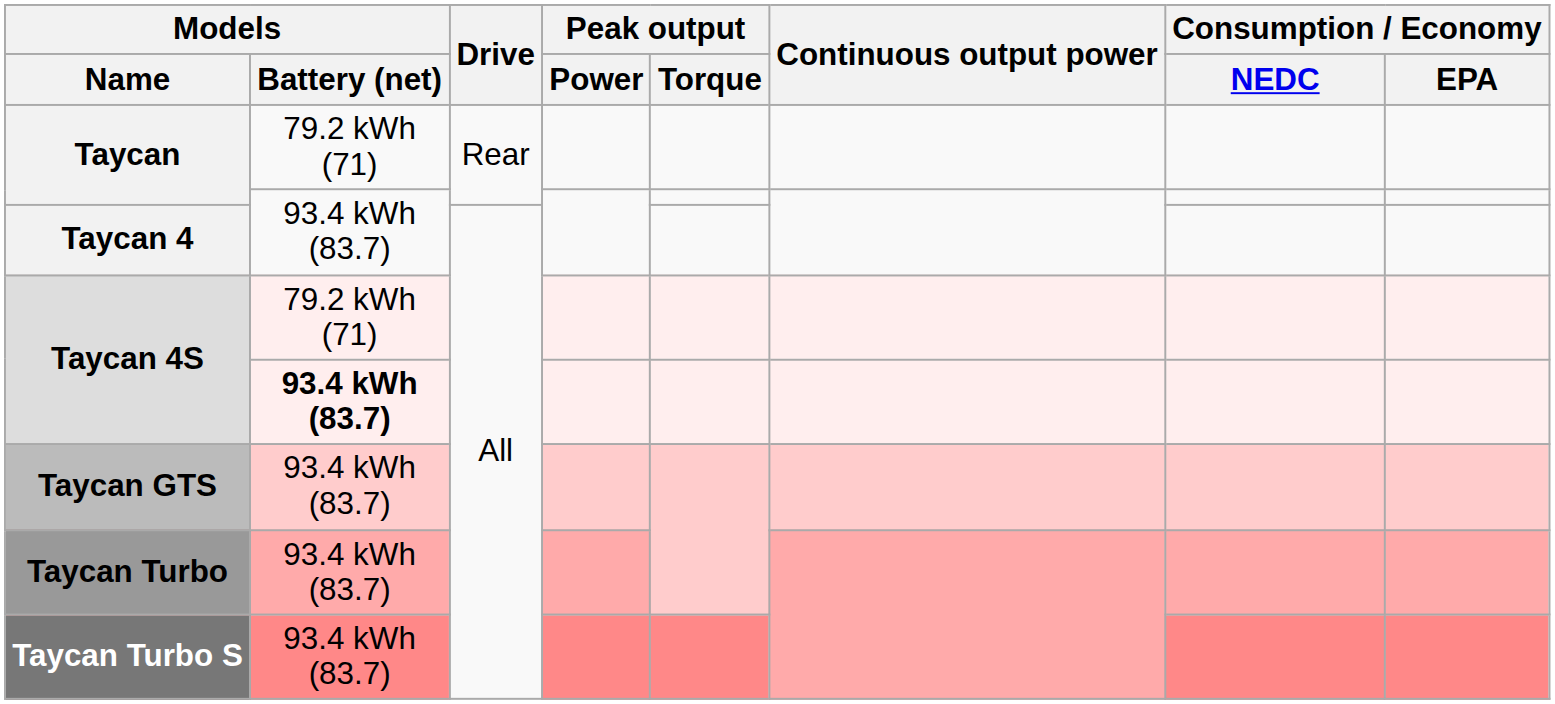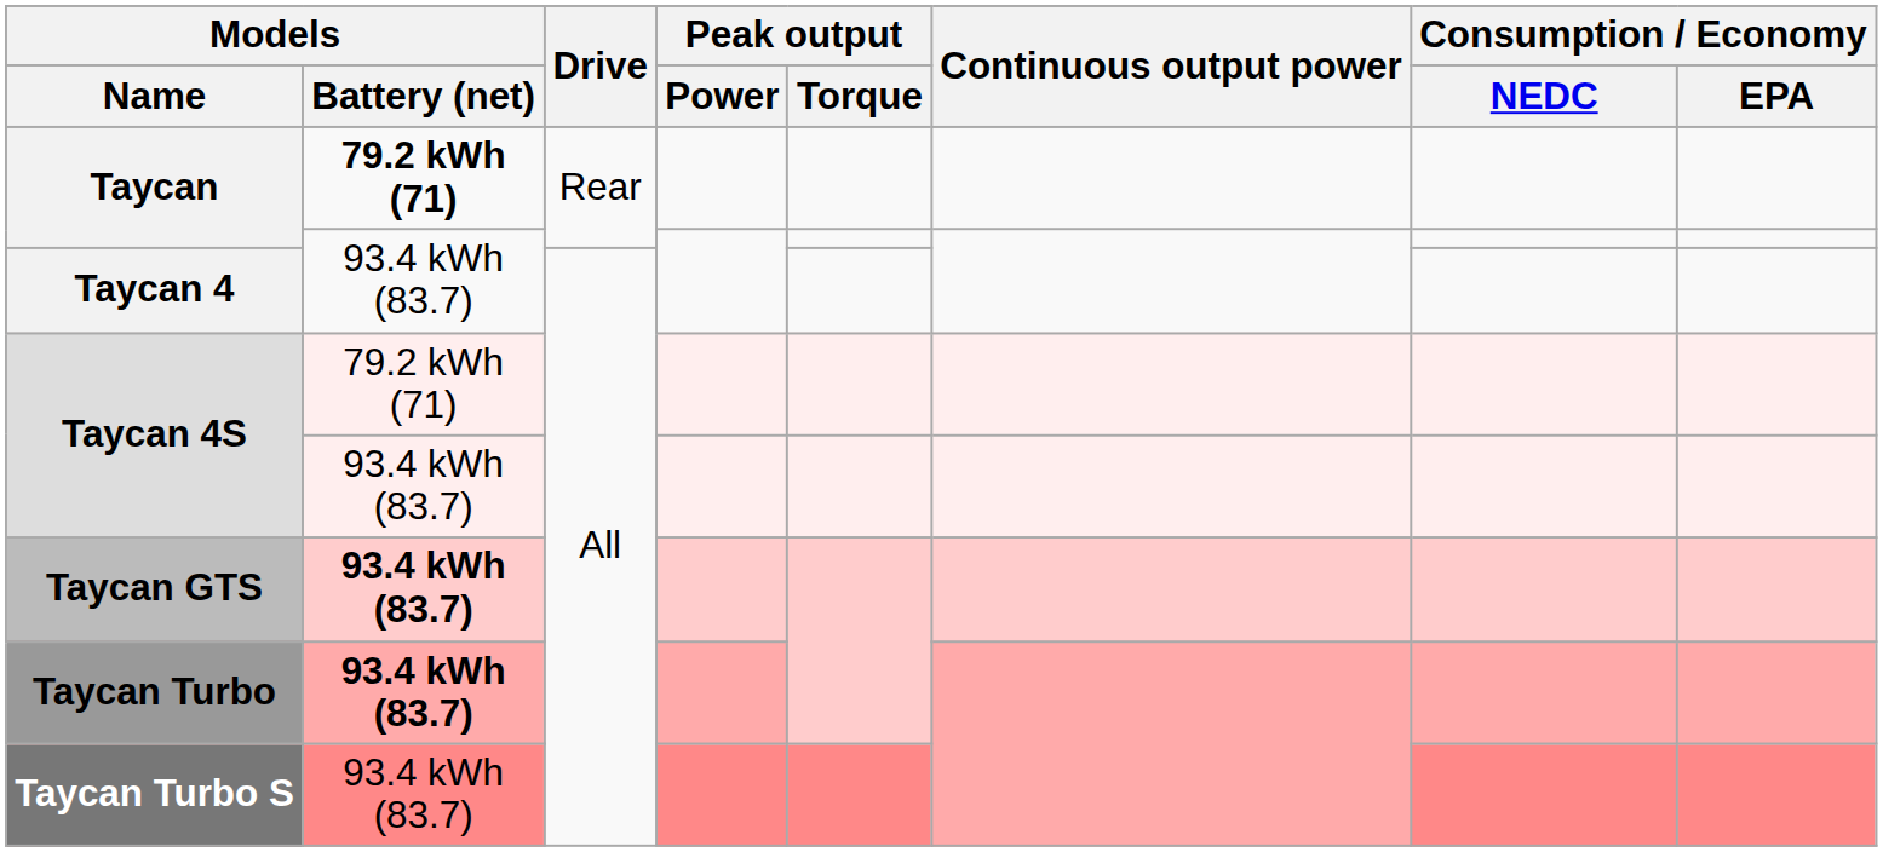 <table class="wikitable sortable" style="font-size:100%;text-align:center;">
 <tr>
 <th colspan=2>Models</th>
 <th rowspan=2>Drive</th>
 <th colspan=2>Peak output</th>
 <th rowspan=2>Continuous output power</th>
 <th colspan=2>Consumption / Economy</th>
 </tr>
 <tr>
 <th>Name</th>
 <th>Battery (net)</th>
 <th>Power</th>
 <th>Torque</th>
 <th><a href='#'>NEDC</a></th>
 <th>EPA</th>
 </tr>
 <tr>
 <th rowspan=2>Taycan</th>
-<td>79.2 kWh<br>(71)</td>
+<td><strong>79.2 kWh<br>(71)</strong></td>
 <td rowspan=2>Rear</td>
 <td></td>
 <td></td>
 <td></td>
 <td></td>
 <td></td>
 </tr>
 <tr>
 <td rowspan=2>93.4 kWh<br>(83.7)</td>
 <td rowspan=2></td>
 <td></td>
 <td rowspan=2></td>
 <td></td>
 <td></td>
 </tr>
 <tr>
 <th>Taycan 4</th>
 <td rowspan=6>All</td>
 <td></td>
 <td></td>
 <td></td>
 </tr>
 <tr style="background:#fee;">
 <th rowspan=2 style="background:#ddd;">Taycan 4S</th>
 <td>79.2 kWh<br>(71)</td>
 <td></td>
 <td></td>
 <td></td>
 <td></td>
 <td></td>
 </tr>
 <tr style="background:#fee;">
-<td><strong>93.4 kWh<br>(83.7)</strong></td>
+<td>93.4 kWh<br>(83.7)</td>
 <td></td>
 <td></td>
 <td></td>
 <td></td>
 <td></td>
 </tr>
 <tr style="background:#fcc;">
 <th style="background:#bbb;">Taycan GTS</th>
-<td>93.4 kWh<br>(83.7)</td>
+<td><strong>93.4 kWh<br>(83.7)</strong></td>
 <td></td>
 <td rowspan=2></td>
 <td></td>
 <td></td>
 <td></td>
 </tr>
 <tr style="background:#faa;">
 <th style="background:#999;">Taycan Turbo</th>
-<td>93.4 kWh<br>(83.7)</td>
+<td><strong>93.4 kWh<br>(83.7)</strong></td>
 <td></td>
 <td rowspan=2></td>
 <td></td>
 <td></td>
 </tr>
 <tr style="background:#f88;">
 <th style="background:#777;color:#fff;">Taycan Turbo S</th>
 <td>93.4 kWh<br>(83.7)</td>
 <td></td>
 <td></td>
 <td></td>
 <td></td>
 </tr>
 </table>
